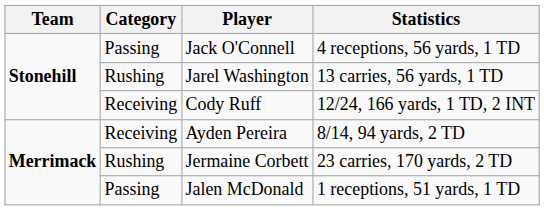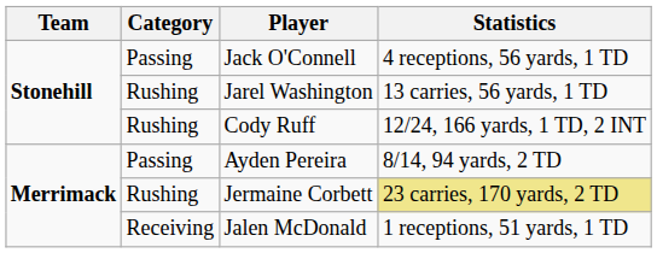 <table class="wikitable" style="float: right;">
 <tr>
 <th>Team</th>
 <th>Category</th>
 <th>Player</th>
 <th>Statistics</th>
 </tr>
 <tr>
 <td rowspan=3><strong>Stonehill</strong></td>
 <td>Passing</td>
 <td>Jack O'Connell</td>
 <td>4 receptions, 56 yards, 1 TD</td>
 </tr>
 <tr>
 <td>Rushing</td>
 <td>Jarel Washington</td>
 <td>13 carries, 56 yards, 1 TD</td>
 </tr>
 <tr>
-<td>Receiving</td>
+<td>Rushing</td>
 <td>Cody Ruff</td>
 <td>12/24, 166 yards, 1 TD, 2 INT</td>
 </tr>
 <tr>
 <td rowspan=3><strong>Merrimack</strong></td>
-<td>Receiving</td>
+<td>Passing</td>
 <td>Ayden Pereira</td>
 <td>8/14, 94 yards, 2 TD</td>
 </tr>
 <tr>
 <td>Rushing</td>
 <td>Jermaine Corbett</td>
-<td>23 carries, 170 yards, 2 TD</td>
+<td style="background: khaki;">23 carries, 170 yards, 2 TD</td>
 </tr>
 <tr>
-<td>Passing</td>
+<td>Receiving</td>
 <td>Jalen McDonald</td>
 <td>1 receptions, 51 yards, 1 TD</td>
 </tr>
 </table>
